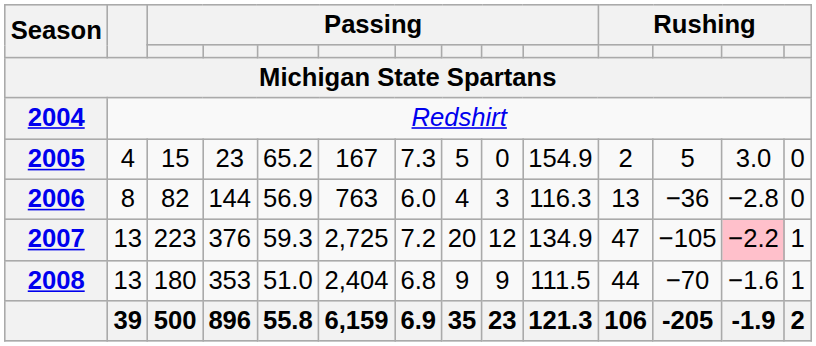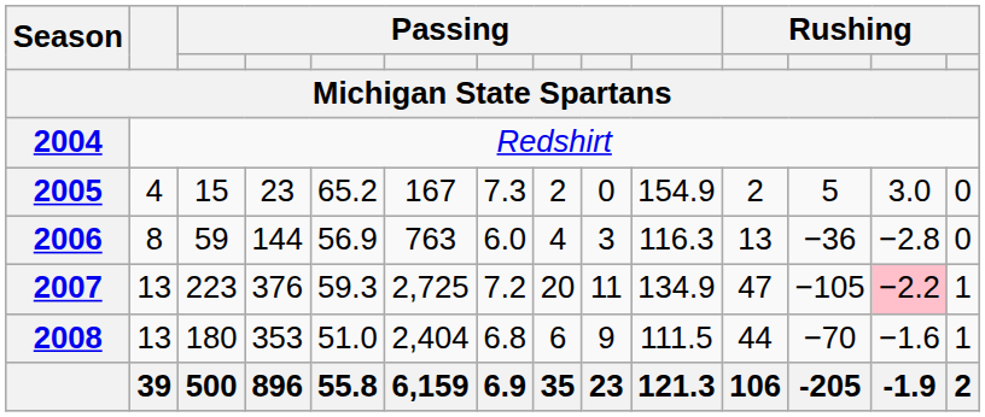 <table class="wikitable" style="text-align: center;">
 <tr>
 <th rowspan="2">Season</th>
 <th rowspan="2"></th>
 <th colspan="8">Passing</th>
 <th colspan="4">Rushing</th>
 </tr>
 <tr>
 <th></th>
 <th></th>
 <th></th>
 <th></th>
 <th></th>
 <th></th>
 <th></th>
 <th></th>
 <th></th>
 <th></th>
 <th></th>
 <th></th>
 </tr>
 <tr>
 <th colspan="16">Michigan State Spartans</th>
 </tr>
 <tr>
 <th><a href='#'>2004</a></th>
 <td colspan="13"> <em><a href='#'>Redshirt</a></em></td>
 </tr>
 <tr>
 <th><a href='#'>2005</a></th>
 <td>4</td>
 <td>15</td>
 <td>23</td>
 <td>65.2</td>
 <td>167</td>
 <td>7.3</td>
-<td>5</td>
+<td>2</td>
 <td>0</td>
 <td>154.9</td>
 <td>2</td>
 <td>5</td>
 <td>3.0</td>
 <td>0</td>
 </tr>
 <tr>
 <th><a href='#'>2006</a></th>
 <td>8</td>
-<td>82</td>
+<td>59</td>
 <td>144</td>
 <td>56.9</td>
 <td>763</td>
 <td>6.0</td>
 <td>4</td>
 <td>3</td>
 <td>116.3</td>
 <td>13</td>
 <td>−36</td>
 <td>−2.8</td>
 <td>0</td>
 </tr>
 <tr>
 <th><a href='#'>2007</a></th>
 <td>13</td>
 <td>223</td>
 <td>376</td>
 <td>59.3</td>
 <td>2,725</td>
 <td>7.2</td>
 <td>20</td>
-<td>12</td>
+<td>11</td>
 <td>134.9</td>
 <td>47</td>
 <td>−105</td>
 <td style="background: pink;">−2.2</td>
 <td>1</td>
 </tr>
 <tr>
 <th><a href='#'>2008</a></th>
 <td>13</td>
 <td>180</td>
 <td>353</td>
 <td>51.0</td>
 <td>2,404</td>
 <td>6.8</td>
-<td>9</td>
+<td>6</td>
 <td>9</td>
 <td>111.5</td>
 <td>44</td>
 <td>−70</td>
 <td>−1.6</td>
 <td>1</td>
 </tr>
 <tr>
 <th></th>
 <th>39</th>
 <th>500</th>
 <th>896</th>
 <th>55.8</th>
 <th>6,159</th>
 <th>6.9</th>
 <th>35</th>
 <th>23</th>
 <th>121.3</th>
 <th>106</th>
 <th>-205</th>
 <th>-1.9</th>
 <th>2</th>
 </tr>
 </table>
